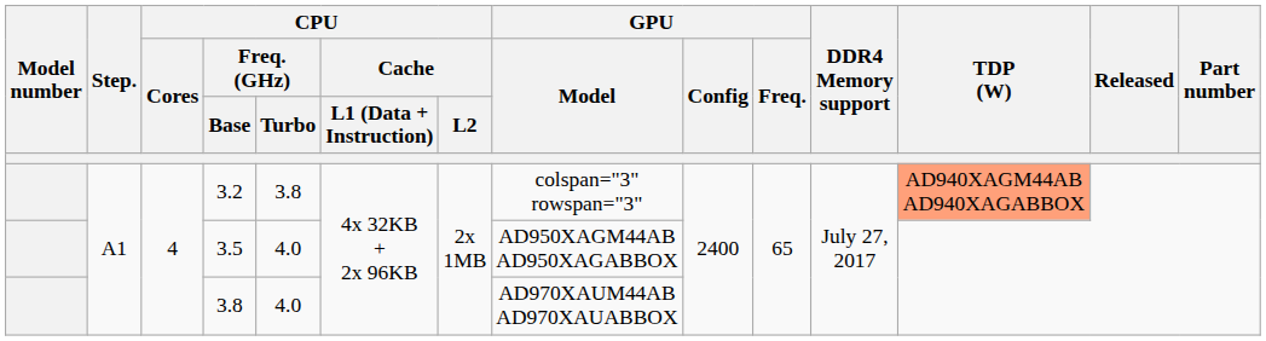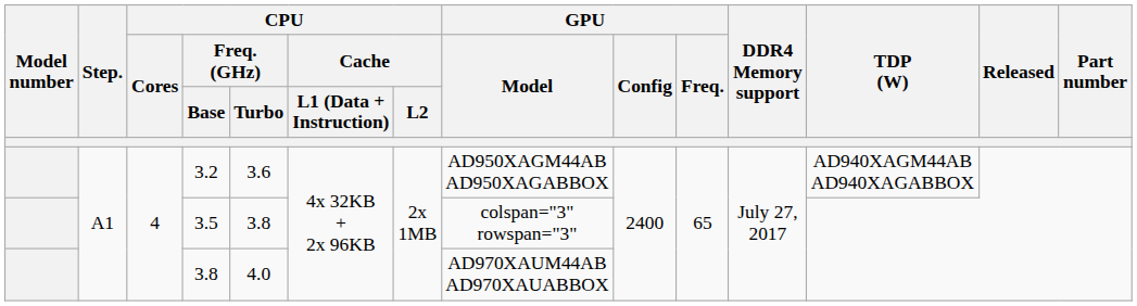 <table class="wikitable" style="text-align:center;">
 <tr>
 <th rowspan="3">Model<br>number</th>
 <th rowspan="3">Step.</th>
 <th colspan="5">CPU</th>
 <th colspan="3">GPU</th>
 <th rowspan="3">DDR4<br>Memory<br>support</th>
 <th rowspan="3">TDP<br>(W)</th>
 <th rowspan="3">Released</th>
 <th rowspan="3">Part number</th>
 </tr>
 <tr>
 <th rowspan="2">Cores</th>
 <th colspan="2">Freq. (GHz)</th>
 <th colspan="2">Cache</th>
 <th rowspan="2">Model</th>
 <th rowspan="2">Config</th>
 <th rowspan="2">Freq.</th>
 </tr>
 <tr>
 <th>Base</th>
 <th>Turbo</th>
 <th>L1 (Data + Instruction)</th>
 <th>L2</th>
 </tr>
 <tr>
 <th colspan="15"></th>
 </tr>
 <tr>
 <th></th>
 <td rowspan="3">A1</td>
 <td rowspan="3">4</td>
 <td>3.2</td>
-<td>3.8</td>
+<td>3.6</td>
 <td rowspan="3">4x 32KB<br>+<br>2x 96KB</td>
 <td rowspan="3">2x<br>1MB</td>
-<td>colspan="3" rowspan="3" </td>
+<td>AD950XAGM44AB<br>AD950XAGABBOX</td>
 <td rowspan="3">2400</td>
 <td rowspan="3">65</td>
 <td rowspan="3">July 27, 2017</td>
-<td style="background: lightsalmon;">AD940XAGM44AB<br>AD940XAGABBOX</td>
+<td>AD940XAGM44AB<br>AD940XAGABBOX</td>
 </tr>
 <tr>
 <th></th>
 <td>3.5</td>
-<td>4.0</td>
-<td>AD950XAGM44AB<br>AD950XAGABBOX</td>
+<td>3.8</td>
+<td>colspan="3" rowspan="3" </td>
 </tr>
 <tr>
 <th></th>
 <td>3.8</td>
 <td>4.0</td>
 <td>AD970XAUM44AB<br>AD970XAUABBOX</td>
 </tr>
 </table>
